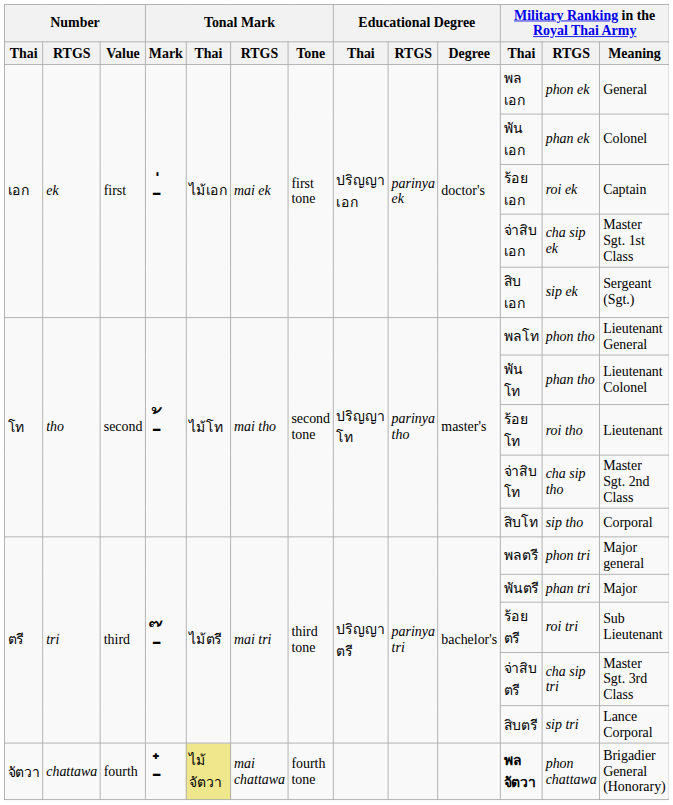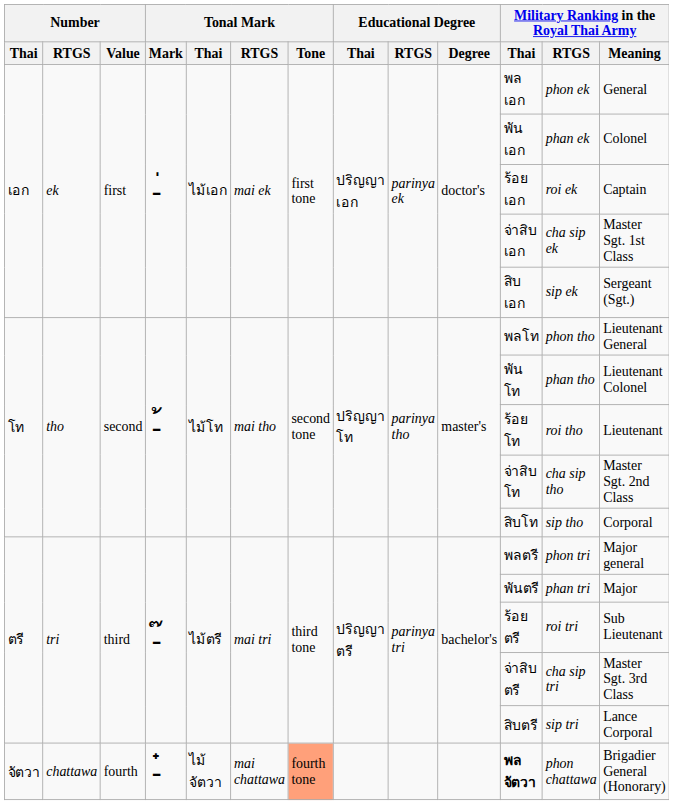 <table class="wikitable">
 <tr>
 <th colspan="3">Number</th>
 <th colspan="4">Tonal Mark</th>
 <th colspan="3">Educational Degree</th>
 <th colspan="4"><a href='#'>Military Ranking</a> in the <a href='#'>Royal Thai Army</a></th>
 </tr>
 <tr>
 <th align="left">Thai</th>
 <th>RTGS</th>
 <th>Value</th>
 <th>Mark</th>
 <th>Thai</th>
 <th>RTGS</th>
 <th>Tone</th>
 <th>Thai</th>
 <th>RTGS</th>
 <th>Degree</th>
 <th style="width:10ex;">Thai</th>
 <th>RTGS</th>
 <th>Meaning</th>
 </tr>
 <tr>
 <td rowspan="5">เอก</td>
 <td rowspan="5"><em>ek</em></td>
 <td rowspan="5">first</td>
 <td rowspan="5" style="font-size: 200%">-่</td>
 <td rowspan="5">ไม้เอก</td>
 <td rowspan="5"><em>mai ek</em></td>
 <td rowspan="5">first tone</td>
 <td rowspan="5">ปริญญาเอก</td>
 <td rowspan="5"><em>parinya ek</em></td>
 <td rowspan="5">doctor's</td>
 <td>พลเอก</td>
 <td><em>phon ek</em></td>
 <td>General</td>
 </tr>
 <tr>
 <td>พันเอก</td>
 <td><em>phan ek</em></td>
 <td>Colonel</td>
 </tr>
 <tr>
 <td>ร้อยเอก</td>
 <td><em>roi ek</em></td>
 <td>Captain</td>
 </tr>
 <tr>
 <td>จ่าสิบเอก</td>
 <td><em>cha sip ek</em></td>
 <td>Master Sgt. 1st Class</td>
 </tr>
 <tr>
 <td>สิบเอก</td>
 <td><em>sip ek</em></td>
 <td>Sergeant (Sgt.)</td>
 </tr>
 <tr>
 <td rowspan="5">โท</td>
 <td rowspan="5"><em>tho</em></td>
 <td rowspan="5">second</td>
 <td rowspan="5" style="font-size: 200%">-้</td>
 <td rowspan="5">ไม้โท</td>
 <td rowspan="5"><em>mai tho</em></td>
 <td rowspan="5">second tone</td>
 <td rowspan="5">ปริญญาโท</td>
 <td rowspan="5"><em>parinya tho</em></td>
 <td rowspan="5">master's</td>
 <td>พลโท</td>
 <td><em>phon tho</em></td>
 <td>Lieutenant General</td>
 </tr>
 <tr>
 <td>พันโท</td>
 <td><em>phan tho</em></td>
 <td>Lieutenant Colonel</td>
 </tr>
 <tr>
 <td>ร้อยโท</td>
 <td><em>roi tho</em></td>
 <td>Lieutenant</td>
 </tr>
 <tr>
 <td>จ่าสิบโท</td>
 <td><em>cha sip tho</em></td>
 <td>Master Sgt. 2nd Class</td>
 </tr>
 <tr>
 <td>สิบโท</td>
 <td><em>sip tho</em></td>
 <td>Corporal</td>
 </tr>
 <tr>
 <td rowspan="5">ตรี</td>
 <td rowspan="5"><em>tri</em></td>
 <td rowspan="5">third</td>
 <td rowspan="5" style="font-size: 200%">-๊</td>
 <td rowspan="5">ไม้ตรี</td>
 <td rowspan="5"><em>mai tri</em></td>
 <td rowspan="5">third tone</td>
 <td rowspan="5">ปริญญาตรี</td>
 <td rowspan="5"><em>parinya tri</em></td>
 <td rowspan="5">bachelor's</td>
 <td>พลตรี</td>
 <td><em>phon tri</em></td>
 <td>Major general</td>
 </tr>
 <tr>
 <td>พันตรี</td>
 <td><em>phan tri</em></td>
 <td>Major</td>
 </tr>
 <tr>
 <td>ร้อยตรี</td>
 <td><em>roi tri</em></td>
 <td>Sub Lieutenant</td>
 </tr>
 <tr>
 <td>จ่าสิบตรี</td>
 <td><em>cha sip tri</em></td>
 <td>Master Sgt. 3rd Class</td>
 </tr>
 <tr>
 <td>สิบตรี</td>
 <td><em>sip tri</em></td>
 <td>Lance Corporal</td>
 </tr>
 <tr>
 <td>จัตวา</td>
 <td><em>chattawa</em></td>
 <td>fourth</td>
 <td style="font-size: 200%">-๋</td>
-<td style="background: khaki;">ไม้จัตวา</td>
+<td>ไม้จัตวา</td>
 <td><em>mai chattawa</em></td>
-<td>fourth tone</td>
+<td style="background: lightsalmon;">fourth tone</td>
 <td></td>
 <td></td>
 <td></td>
 <td><strong>พลจัตวา</strong></td>
 <td><em>phon chattawa</em></td>
 <td>Brigadier General (Honorary)</td>
 </tr>
 </table>
